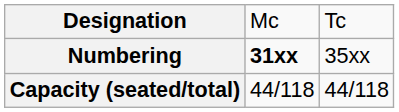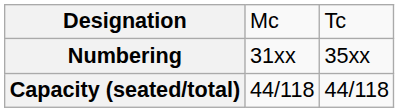 <table class="wikitable">
 <tr>
 <th>Designation</th>
 <td>Mc</td>
 <td>Tc</td>
 </tr>
 <tr>
 <th>Numbering</th>
-<td><strong>31xx</strong></td>
+<td>31xx</td>
 <td>35xx</td>
 </tr>
 <tr>
 <th>Capacity (seated/total)</th>
 <td>44/118</td>
 <td>44/118</td>
 </tr>
 </table>
